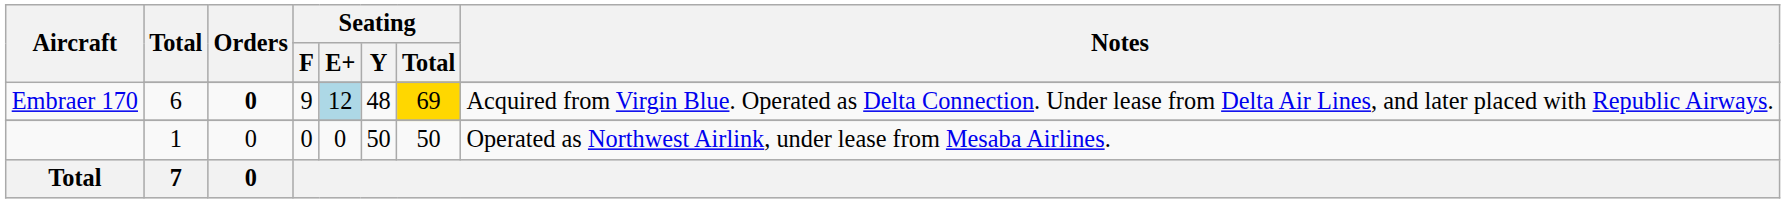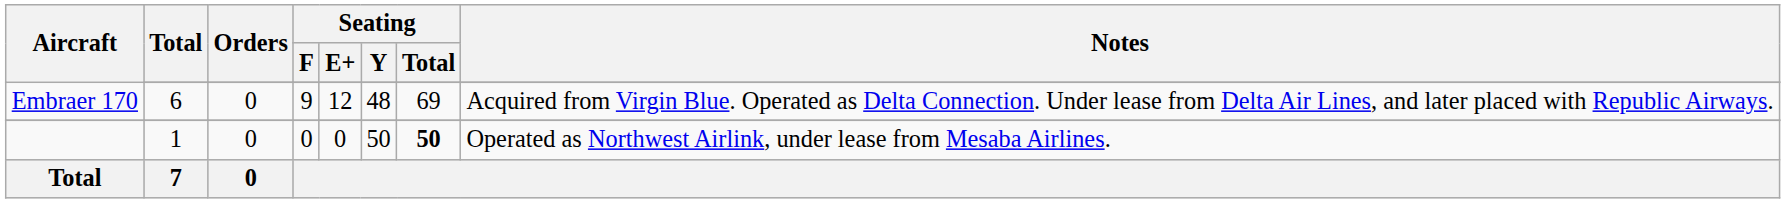 <table class="wikitable" style="margin:auto;">
 <tr>
 <th rowspan=2>Aircraft</th>
 <th rowspan=2>Total</th>
 <th rowspan=2>Orders</th>
 <th colspan=4>Seating</th>
 <th rowspan=2>Notes</th>
 </tr>
 <tr>
 <th><abbr>F</abbr></th>
 <th><abbr>E+</abbr></th>
 <th><abbr>Y</abbr></th>
 <th>Total</th>
 </tr>
 <tr>
 <td rowspan=2 style="text-align: left"><a href='#'>Embraer 170</a></td>
 </tr>
 <tr>
 <td style="text-align: center">6</td>
-<td style="text-align: center"><strong>0</strong></td>
+<td style="text-align: center">0</td>
 <td style="text-align: center">9</td>
-<td style="background: lightblue; text-align: center">12</td>
+<td style="text-align: center">12</td>
 <td style="text-align: center">48</td>
-<td style="background: gold; text-align: center">69</td>
+<td style="text-align: center">69</td>
 <td>Acquired from <a href='#'>Virgin Blue</a>. Operated as <a href='#'>Delta Connection</a>. Under lease from <a href='#'>Delta Air Lines</a>, and later placed with <a href='#'>Republic Airways</a>.</td>
 </tr>
 <tr>
 </tr>
 <tr>
 <td style="text-align: left"></td>
 <td style="text-align: center">1</td>
 <td style="text-align: center">0</td>
 <td style="text-align: center">0</td>
 <td style="text-align: center">0</td>
 <td style="text-align: center">50</td>
-<td style="text-align: center">50</td>
+<td style="text-align: center"><strong>50</strong></td>
 <td>Operated as <a href='#'>Northwest Airlink</a>, under lease from <a href='#'>Mesaba Airlines</a>.</td>
 </tr>
 <tr>
 <th>Total</th>
 <th>7</th>
 <th>0</th>
 <th colspan=5> </th>
 </tr>
 </table>
